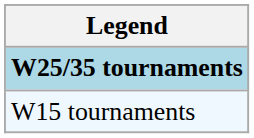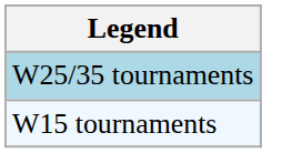 <table class=wikitable style=font-size:85%>
 <tr>
 <th>Legend</th>
 </tr>
 <tr style="background:lightblue;">
-<td><strong>W25/35 tournaments</strong></td>
+<td>W25/35 tournaments</td>
 </tr>
 <tr style="background:#f0f8ff;">
 <td>W15 tournaments</td>
 </tr>
 </table>
